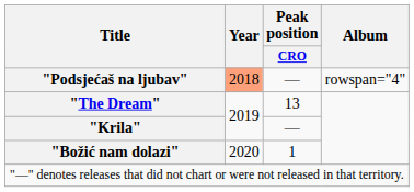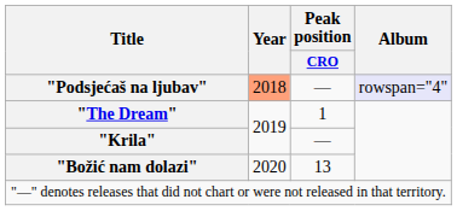 <table class="wikitable plainrowheaders" style="text-align:center;">
 <tr>
 <th scope="col" rowspan="2" style="width:14em;">Title</th>
 <th scope="col" rowspan="2" style="width:1em;">Year</th>
 <th scope="col" colspan="1">Peak position</th>
 <th scope="col" rowspan="2">Album</th>
 </tr>
 <tr>
 <th scope="col" style="width:3em;font-size:85%;"><a href='#'>CRO</a><br></th>
 </tr>
 <tr>
 <th scope="row">"Podsjećaš na ljubav"</th>
 <td style="background: lightsalmon;">2018</td>
 <td>—</td>
-<td>rowspan="4" </td>
+<td style="background: lavender;">rowspan="4" </td>
 </tr>
 <tr>
 <th scope="row">"<a href='#'>The Dream</a>"</th>
 <td rowspan="2">2019</td>
-<td>13</td>
+<td>1</td>
 </tr>
 <tr>
 <th scope="row">"Krila"</th>
 <td>—</td>
 </tr>
 <tr>
 <th scope="row">"Božić nam dolazi"</th>
 <td>2020</td>
-<td>1</td>
+<td>13</td>
 </tr>
 <tr>
 <td colspan="22" style="text-align:center; font-size:85%;">"—" denotes releases that did not chart or were not released in that territory.</td>
 </tr>
 </table>
